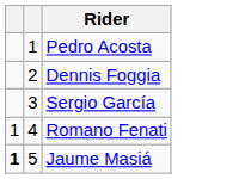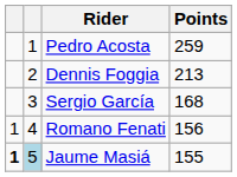 <table class="wikitable" style="font-size: 85%;">
 <tr>
 <th></th>
 <th></th>
 <th>Rider</th>
+<th>Points</th>
 </tr>
 <tr>
 <td></td>
 <td align=center>1</td>
 <td> <a href='#'>Pedro Acosta</a></td>
+<td align=left>259</td>
 </tr>
 <tr>
 <td></td>
 <td align=center>2</td>
 <td> <a href='#'>Dennis Foggia</a></td>
+<td align=left>213</td>
 </tr>
 <tr>
 <td></td>
 <td align=center>3</td>
 <td> <a href='#'>Sergio García</a></td>
+<td align=left>168</td>
 </tr>
 <tr>
 <td> 1</td>
 <td align=center>4</td>
 <td> <a href='#'>Romano Fenati</a></td>
+<td align=left>156</td>
 </tr>
 <tr>
 <td><strong> 1</strong></td>
-<td align=center>5</td>
+<td align=center style="background: lightblue;">5</td>
 <td> <a href='#'>Jaume Masiá</a></td>
+<td align=left>155</td>
 </tr>
 </table>
